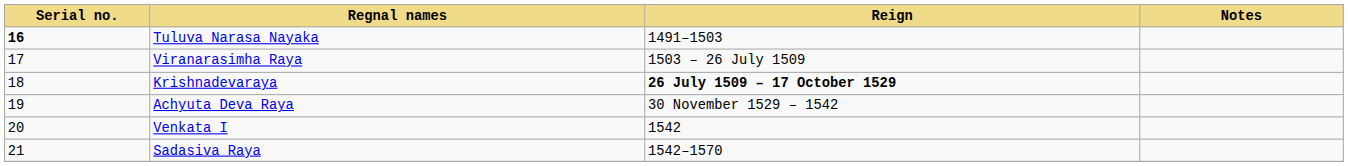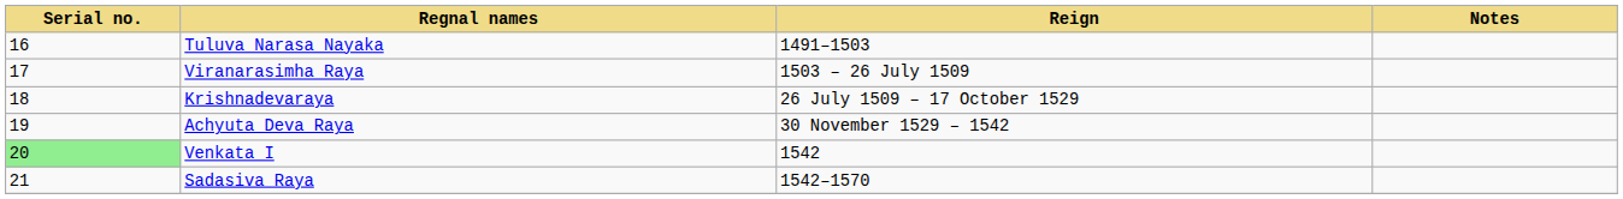 <table style="width:100%;" class="wikitable">
 <tr>
 <th style="background:#f0dc88; width:5%;">Serial no.</th>
 <th style="background:#f0dc88; width:17%;">Regnal names</th>
 <th style="background:#f0dc88; width:17%;">Reign</th>
 <th style="background:#f0dc88; width:7%;">Notes</th>
 </tr>
 <tr>
-<td><strong>16</strong></td>
+<td>16</td>
 <td><a href='#'>Tuluva Narasa Nayaka</a></td>
 <td>1491–1503</td>
 <td></td>
 </tr>
 <tr>
 <td>17</td>
 <td><a href='#'>Viranarasimha Raya</a></td>
 <td>1503 – 26 July 1509</td>
 <td></td>
 </tr>
 <tr>
 <td>18</td>
 <td><a href='#'>Krishnadevaraya</a></td>
-<td><strong>26 July 1509 – 17 October 1529</strong></td>
+<td>26 July 1509 – 17 October 1529</td>
 <td></td>
 </tr>
 <tr>
 <td>19</td>
 <td><a href='#'>Achyuta Deva Raya</a></td>
 <td>30 November 1529 – 1542</td>
 <td></td>
 </tr>
 <tr>
-<td>20</td>
+<td style="background: lightgreen;">20</td>
 <td><a href='#'>Venkata I</a></td>
 <td>1542</td>
 <td></td>
 </tr>
 <tr>
 <td>21</td>
 <td><a href='#'>Sadasiva Raya</a></td>
 <td>1542–1570</td>
 <td></td>
 </tr>
 <tr>
 </tr>
 </table>
